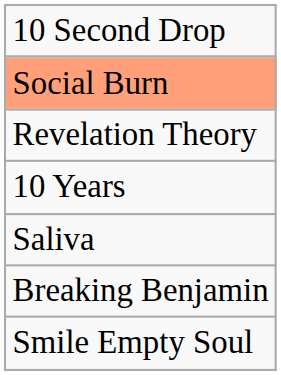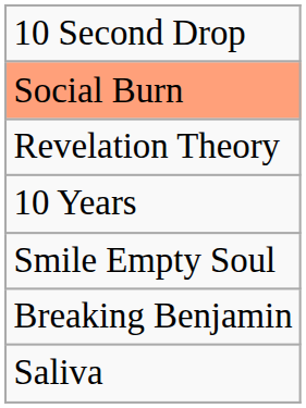 <table class="wikitable">
 <tr>
 <td>10 Second Drop</td>
 </tr>
 <tr>
 <td style="background: lightsalmon;">Social Burn</td>
 </tr>
 <tr>
 <td>Revelation Theory</td>
 </tr>
 <tr>
 <td>10 Years</td>
 </tr>
 <tr>
-<td>Saliva</td>
+<td>Smile Empty Soul</td>
 </tr>
 <tr>
 <td>Breaking Benjamin</td>
 </tr>
 <tr>
-<td>Smile Empty Soul</td>
+<td>Saliva</td>
 </tr>
 </table>
